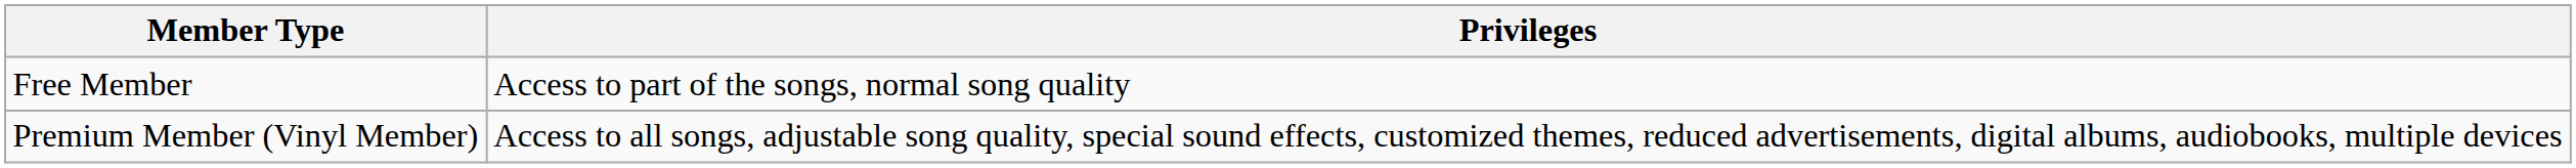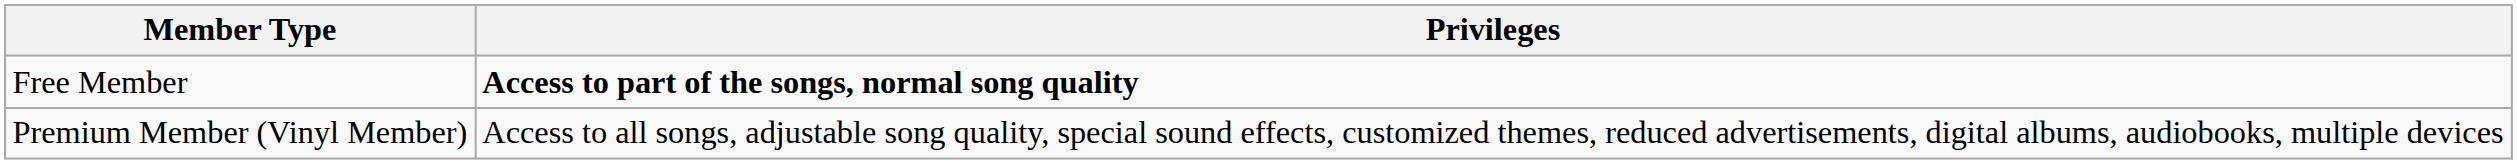 <table class="wikitable">
 <tr>
 <th>Member Type</th>
 <th>Privileges</th>
 </tr>
 <tr>
 <td>Free Member</td>
-<td>Access to part of the songs, normal song quality</td>
+<td><strong>Access to part of the songs, normal song quality</strong></td>
 </tr>
 <tr>
 <td>Premium Member (Vinyl Member)</td>
 <td>Access to all songs, adjustable song quality, special sound effects, customized themes, reduced advertisements, digital albums, audiobooks, multiple devices</td>
 </tr>
 </table>
